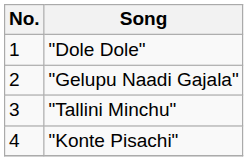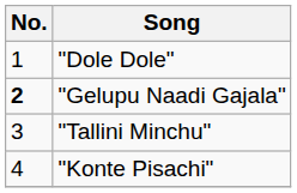 <table class="wikitable">
 <tr>
 <th>No.</th>
 <th>Song</th>
 </tr>
 <tr>
 <td>1</td>
 <td>"Dole Dole"</td>
 </tr>
 <tr>
-<td>2</td>
+<td><strong>2</strong></td>
 <td>"Gelupu Naadi Gajala"</td>
 </tr>
 <tr>
 <td>3</td>
 <td>"Tallini Minchu"</td>
 </tr>
 <tr>
 <td>4</td>
 <td>"Konte Pisachi"</td>
 </tr>
 <tr>
 </tr>
 </table>
